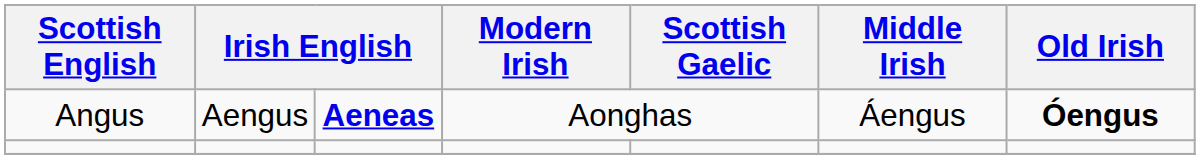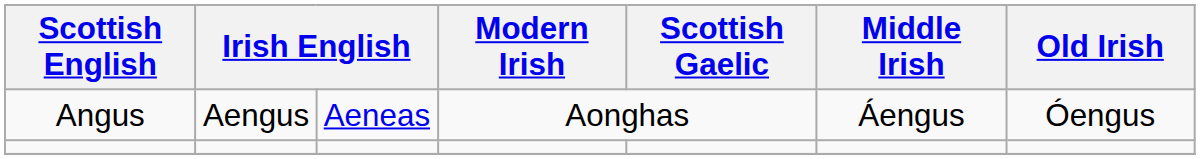 <table class="wikitable" style="text-align:center">
 <tr>
 <th width="16.6666666667%"><a href='#'>Scottish English</a></th>
 <th colspan="2"><a href='#'>Irish English</a></th>
 <th width="16.6666666667%"><a href='#'>Modern Irish</a></th>
 <th width="16.6666666667%"><a href='#'>Scottish Gaelic</a></th>
 <th width="16.6666666667%"><a href='#'>Middle Irish</a></th>
 <th width="16.6666666667%"><a href='#'>Old Irish</a></th>
 </tr>
 <tr>
 <td>Angus</td>
 <td>Aengus</td>
-<td><strong><a href='#'>Aeneas</a></strong></td>
+<td><a href='#'>Aeneas</a></td>
 <td colspan="2">Aonghas</td>
 <td>Áengus</td>
-<td><strong>Óengus</strong></td>
+<td>Óengus</td>
 </tr>
 <tr>
 <td></td>
 <td></td>
 <td></td>
 <td></td>
 <td></td>
 <td></td>
 <td></td>
 </tr>
 <tr>
 </tr>
 </table>
